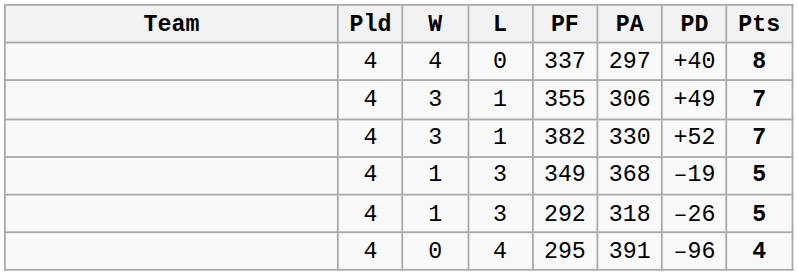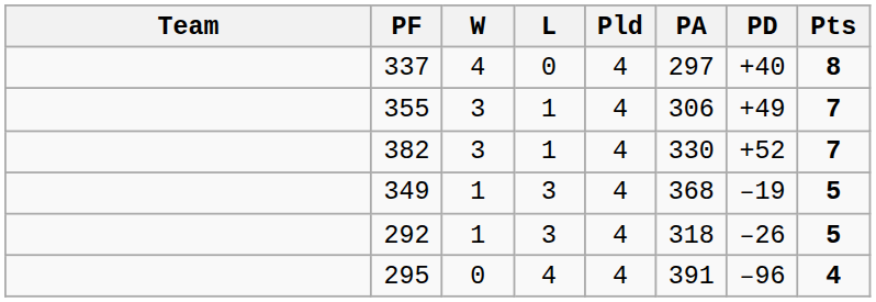 <table class=wikitable style="text-align:center">
 <tr>
 <th width=180>Team</th>
-<th width=30>Pld</th>
+<th width=30>PF</th>
 <th width=30>W</th>
 <th width=30>L</th>
-<th width=30>PF</th>
+<th width=30>Pld</th>
 <th width=30>PA</th>
 <th width=30>PD</th>
 <th width=30>Pts</th>
 </tr>
 <tr>
 <td align="left"></td>
-<td>4</td>
+<td>337</td>
 <td>4</td>
 <td>0</td>
-<td>337</td>
+<td>4</td>
 <td>297</td>
 <td>+40</td>
 <td><strong>8</strong></td>
 </tr>
 <tr>
 <td align="left"></td>
-<td>4</td>
+<td>355</td>
 <td>3</td>
 <td>1</td>
-<td>355</td>
+<td>4</td>
 <td>306</td>
 <td>+49</td>
 <td><strong>7</strong></td>
 </tr>
 <tr>
 <td align="left"></td>
-<td>4</td>
+<td>382</td>
 <td>3</td>
 <td>1</td>
-<td>382</td>
+<td>4</td>
 <td>330</td>
 <td>+52</td>
 <td><strong>7</strong></td>
 </tr>
 <tr>
 <td align="left"></td>
-<td>4</td>
+<td>349</td>
 <td>1</td>
 <td>3</td>
-<td>349</td>
+<td>4</td>
 <td>368</td>
 <td>–19</td>
 <td><strong>5</strong></td>
 </tr>
 <tr>
 <td align="left"></td>
-<td>4</td>
+<td>292</td>
 <td>1</td>
 <td>3</td>
-<td>292</td>
+<td>4</td>
 <td>318</td>
 <td>–26</td>
 <td><strong>5</strong></td>
 </tr>
 <tr>
 <td align="left"></td>
-<td>4</td>
+<td>295</td>
 <td>0</td>
 <td>4</td>
-<td>295</td>
+<td>4</td>
 <td>391</td>
 <td>–96</td>
 <td><strong>4</strong></td>
 </tr>
 </table>
